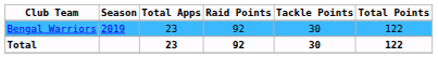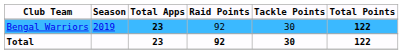 <table class="wikitable" style="text-align: center;">
 <tr>
 <th style="background:#FEFCFF; color:Black text-align:center;"><strong>Club Team</strong></th>
 <th style="background:#FEFCFF; color:black; text-align:center;"><strong>Season</strong></th>
 <th style="background:#FEFCFF; color:Black; text-align:center;"><strong>Total Apps</strong></th>
 <th style="background:#FEFCFF; color:Black; text-align:center;"><strong>Raid Points</strong></th>
 <th style="background:#FEFCFF; color:Black; text-align:center;"><strong>Tackle Points </strong></th>
 <th style="background:#FEFCFF; color:Black; text-align:center;"><strong>Total Points</strong></th>
 </tr>
 <tr>
 </tr>
 <tr style="background:#3BB9FF">
 <td style="text-align:left"><a href='#'>Bengal Warriors</a></td>
 <td style="text-align:left"><a href='#'>2019</a></td>
-<td>23</td>
+<td><strong>23</strong></td>
 <td>92</td>
 <td>30</td>
-<td>122</td>
+<td><strong>122</strong></td>
 </tr>
 <tr>
 </tr>
 <tr style="background:#FEFCFF">
 <td style="text-align:left"><strong>Total</strong></td>
 <td></td>
 <td><strong>23</strong></td>
 <td><strong>92</strong></td>
 <td><strong>30</strong></td>
 <td><strong>122</strong></td>
 </tr>
 <tr>
 </tr>
 </table>
